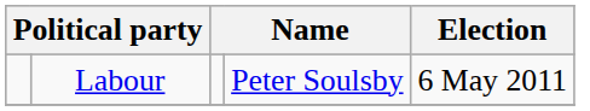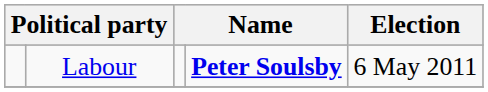 <table class="wikitable">
 <tr>
 <th colspan="2" align="center">Political party</th>
 <th colspan="2" align="center">Name</th>
 <th>Election</th>
 </tr>
 <tr>
 <td align="center"></td>
 <td align="center"><a href='#'>Labour</a></td>
 <td></td>
-<td align="center"><a href='#'>Peter Soulsby</a></td>
+<td align="center"><strong><a href='#'>Peter Soulsby</a></strong></td>
 <td>6 May 2011</td>
 </tr>
 <tr>
 </tr>
 </table>
